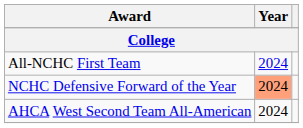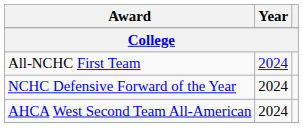 <table class="wikitable">
 <tr>
 <th>Award</th>
 <th>Year</th>
 <th></th>
 </tr>
 <tr ALIGN="center" bgcolor="#e0e0e0">
 </tr>
 <tr ALIGN="center" bgcolor="#e0e0e0">
 <th colspan="3"><a href='#'>College</a></th>
 </tr>
 <tr>
 <td>All-NCHC <a href='#'>First Team</a></td>
 <td><a href='#'>2024</a></td>
 <td></td>
 </tr>
 <tr>
 <td><a href='#'>NCHC Defensive Forward of the Year</a></td>
-<td style="background: lightsalmon;">2024</td>
+<td>2024</td>
 <td></td>
 </tr>
 <tr>
 <td><a href='#'>AHCA</a> <a href='#'>West Second Team All-American</a></td>
 <td>2024</td>
 <td></td>
 </tr>
 <tr>
 </tr>
 </table>
